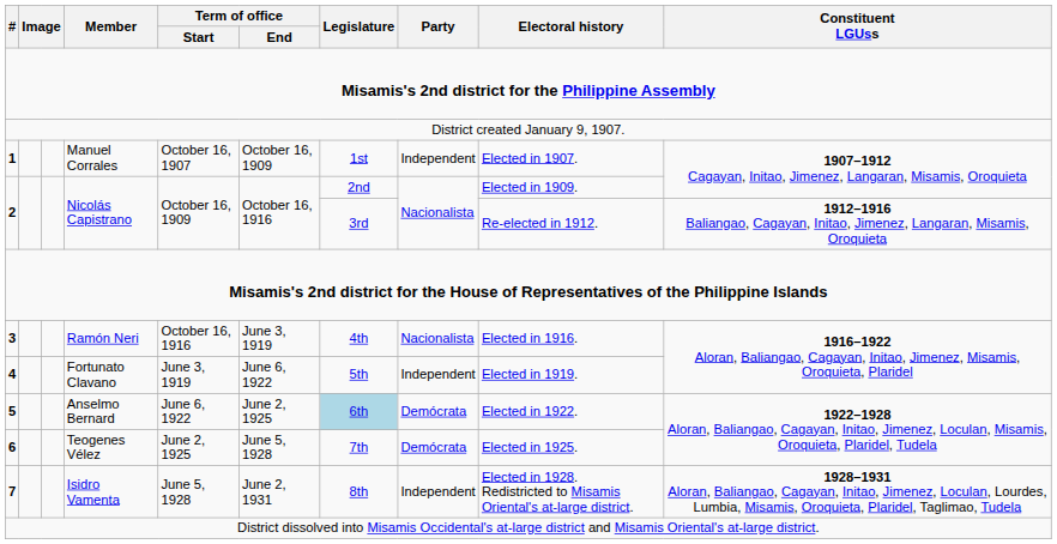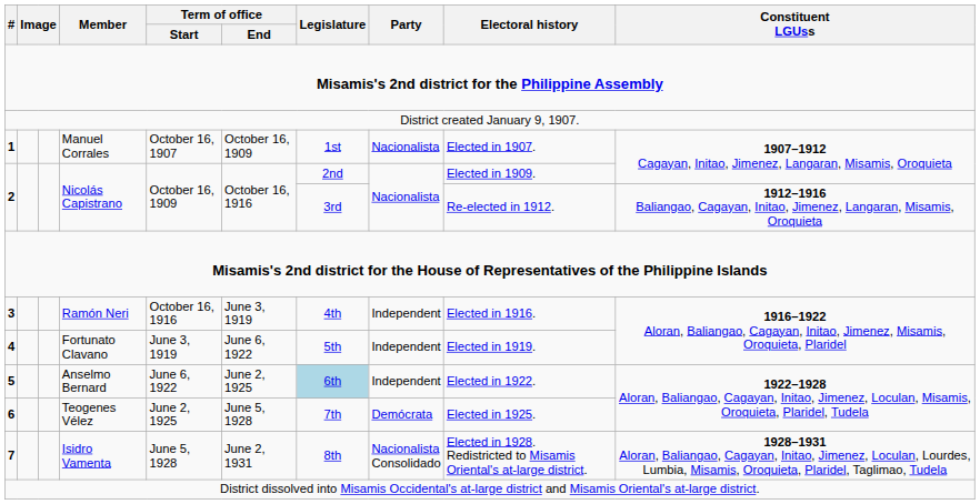 <table class=wikitable>
 <tr>
 <th rowspan="2">#</th>
 <th rowspan="2" colspan=2>Image</th>
 <th rowspan="2">Member</th>
 <th colspan=2>Term of office</th>
 <th rowspan="2">Legislature</th>
 <th rowspan="2">Party</th>
 <th rowspan="2">Electoral history</th>
 <th rowspan="2">Constituent<br><a href='#'>LGUs</a>s</th>
 </tr>
 <tr>
 <th>Start</th>
 <th>End</th>
 </tr>
 <tr>
 <td colspan="10" style="text-align:center;"><br><h3>Misamis's 2nd district for the <a href='#'>Philippine Assembly</a></h3></td>
 </tr>
 <tr>
 <td colspan="10" style="text-align:center;">District created January 9, 1907.</td>
 </tr>
 <tr>
 <td style="text-align:center;"><strong>1</strong></td>
 <td style="background:"></td>
 <td></td>
 <td>Manuel Corrales</td>
 <td>October 16, 1907</td>
 <td>October 16, 1909</td>
 <td style="text-align:center;"><a href='#'>1st</a></td>
-<td>Independent</td>
+<td><a href='#'>Nacionalista</a></td>
 <td><a href='#'>Elected in 1907</a>.</td>
 <td rowspan="2" style="text-align:center;"><strong>1907–1912</strong><br><a href='#'>Cagayan</a>, <a href='#'>Initao</a>, <a href='#'>Jimenez</a>, <a href='#'>Langaran</a>, <a href='#'>Misamis</a>, <a href='#'>Oroquieta</a></td>
 </tr>
 <tr>
 <td rowspan="2" style="text-align:center;"><strong>2</strong></td>
 <td rowspan="2" style="background:"></td>
 <td rowspan="2"></td>
 <td rowspan="2"><a href='#'>Nicolás Capistrano</a></td>
 <td rowspan="2">October 16, 1909</td>
 <td rowspan="2">October 16, 1916</td>
 <td style="text-align:center;"><a href='#'>2nd</a></td>
 <td rowspan="2"><a href='#'>Nacionalista</a></td>
 <td><a href='#'>Elected in 1909</a>.</td>
 </tr>
 <tr>
 <td style="text-align:center;"><a href='#'>3rd</a></td>
 <td><a href='#'>Re-elected in 1912</a>.</td>
 <td style="text-align:center;"><strong>1912–1916</strong><br><a href='#'>Baliangao</a>, <a href='#'>Cagayan</a>, <a href='#'>Initao</a>, <a href='#'>Jimenez</a>, <a href='#'>Langaran</a>, <a href='#'>Misamis</a>, <a href='#'>Oroquieta</a></td>
 </tr>
 <tr>
 <td colspan="10" style="text-align:center;"><br><h3>Misamis's 2nd district for the House of Representatives of the Philippine Islands</h3></td>
 </tr>
 <tr>
 <td style="text-align:center;"><strong>3</strong></td>
 <td style="background:"></td>
 <td></td>
 <td><a href='#'>Ramón Neri</a></td>
 <td>October 16, 1916</td>
 <td>June 3, 1919</td>
 <td style="text-align:center;"><a href='#'>4th</a></td>
-<td><a href='#'>Nacionalista</a></td>
+<td>Independent</td>
 <td><a href='#'>Elected in 1916</a>.</td>
 <td rowspan="2" style="text-align:center;"><strong>1916–1922</strong><br><a href='#'>Aloran</a>, <a href='#'>Baliangao</a>, <a href='#'>Cagayan</a>, <a href='#'>Initao</a>, <a href='#'>Jimenez</a>, <a href='#'>Misamis</a>, <a href='#'>Oroquieta</a>, <a href='#'>Plaridel</a></td>
 </tr>
 <tr>
 <td style="text-align:center;"><strong>4</strong></td>
 <td style="background:"></td>
 <td></td>
 <td>Fortunato Clavano</td>
 <td>June 3, 1919</td>
 <td>June 6, 1922</td>
 <td style="text-align:center;"><a href='#'>5th</a></td>
 <td>Independent</td>
 <td><a href='#'>Elected in 1919</a>.</td>
 </tr>
 <tr>
 <td style="text-align:center;"><strong>5</strong></td>
 <td style="background:"></td>
 <td></td>
 <td>Anselmo Bernard</td>
 <td>June 6, 1922</td>
 <td>June 2, 1925</td>
 <td style="background: lightblue; text-align:center;"><a href='#'>6th</a></td>
-<td><a href='#'>Demócrata</a></td>
+<td>Independent</td>
 <td><a href='#'>Elected in 1922</a>.</td>
 <td rowspan="2" style="text-align:center;"><strong>1922–1928</strong><br><a href='#'>Aloran</a>, <a href='#'>Baliangao</a>, <a href='#'>Cagayan</a>, <a href='#'>Initao</a>, <a href='#'>Jimenez</a>, <a href='#'>Loculan</a>, <a href='#'>Misamis</a>, <a href='#'>Oroquieta</a>, <a href='#'>Plaridel</a>, <a href='#'>Tudela</a></td>
 </tr>
 <tr>
 <td style="text-align:center;"><strong>6</strong></td>
 <td style="background:"></td>
 <td></td>
 <td>Teogenes Vélez</td>
 <td>June 2, 1925</td>
 <td>June 5, 1928</td>
 <td style="text-align:center;"><a href='#'>7th</a></td>
 <td><a href='#'>Demócrata</a></td>
 <td><a href='#'>Elected in 1925</a>.</td>
 </tr>
 <tr>
 <td style="text-align:center;"><strong>7</strong></td>
 <td style="background:"></td>
 <td></td>
 <td><a href='#'>Isidro Vamenta</a></td>
 <td>June 5, 1928</td>
 <td>June 2, 1931</td>
 <td style="text-align:center;"><a href='#'>8th</a></td>
-<td>Independent</td>
+<td><a href='#'>Nacionalista</a><br>Consolidado</td>
 <td><a href='#'>Elected in 1928</a>.<br>Redistricted to <a href='#'>Misamis Oriental's at-large district</a>.</td>
 <td style="text-align:center;"><strong>1928–1931</strong><br><a href='#'>Aloran</a>, <a href='#'>Baliangao</a>, <a href='#'>Cagayan</a>, <a href='#'>Initao</a>, <a href='#'>Jimenez</a>, <a href='#'>Loculan</a>, Lourdes, Lumbia, <a href='#'>Misamis</a>, <a href='#'>Oroquieta</a>, <a href='#'>Plaridel</a>, Taglimao, <a href='#'>Tudela</a></td>
 </tr>
 <tr>
 <td colspan="10" style="text-align:center;">District dissolved into <a href='#'>Misamis Occidental's at-large district</a> and <a href='#'>Misamis Oriental's at-large district</a>.</td>
 </tr>
 </table>
